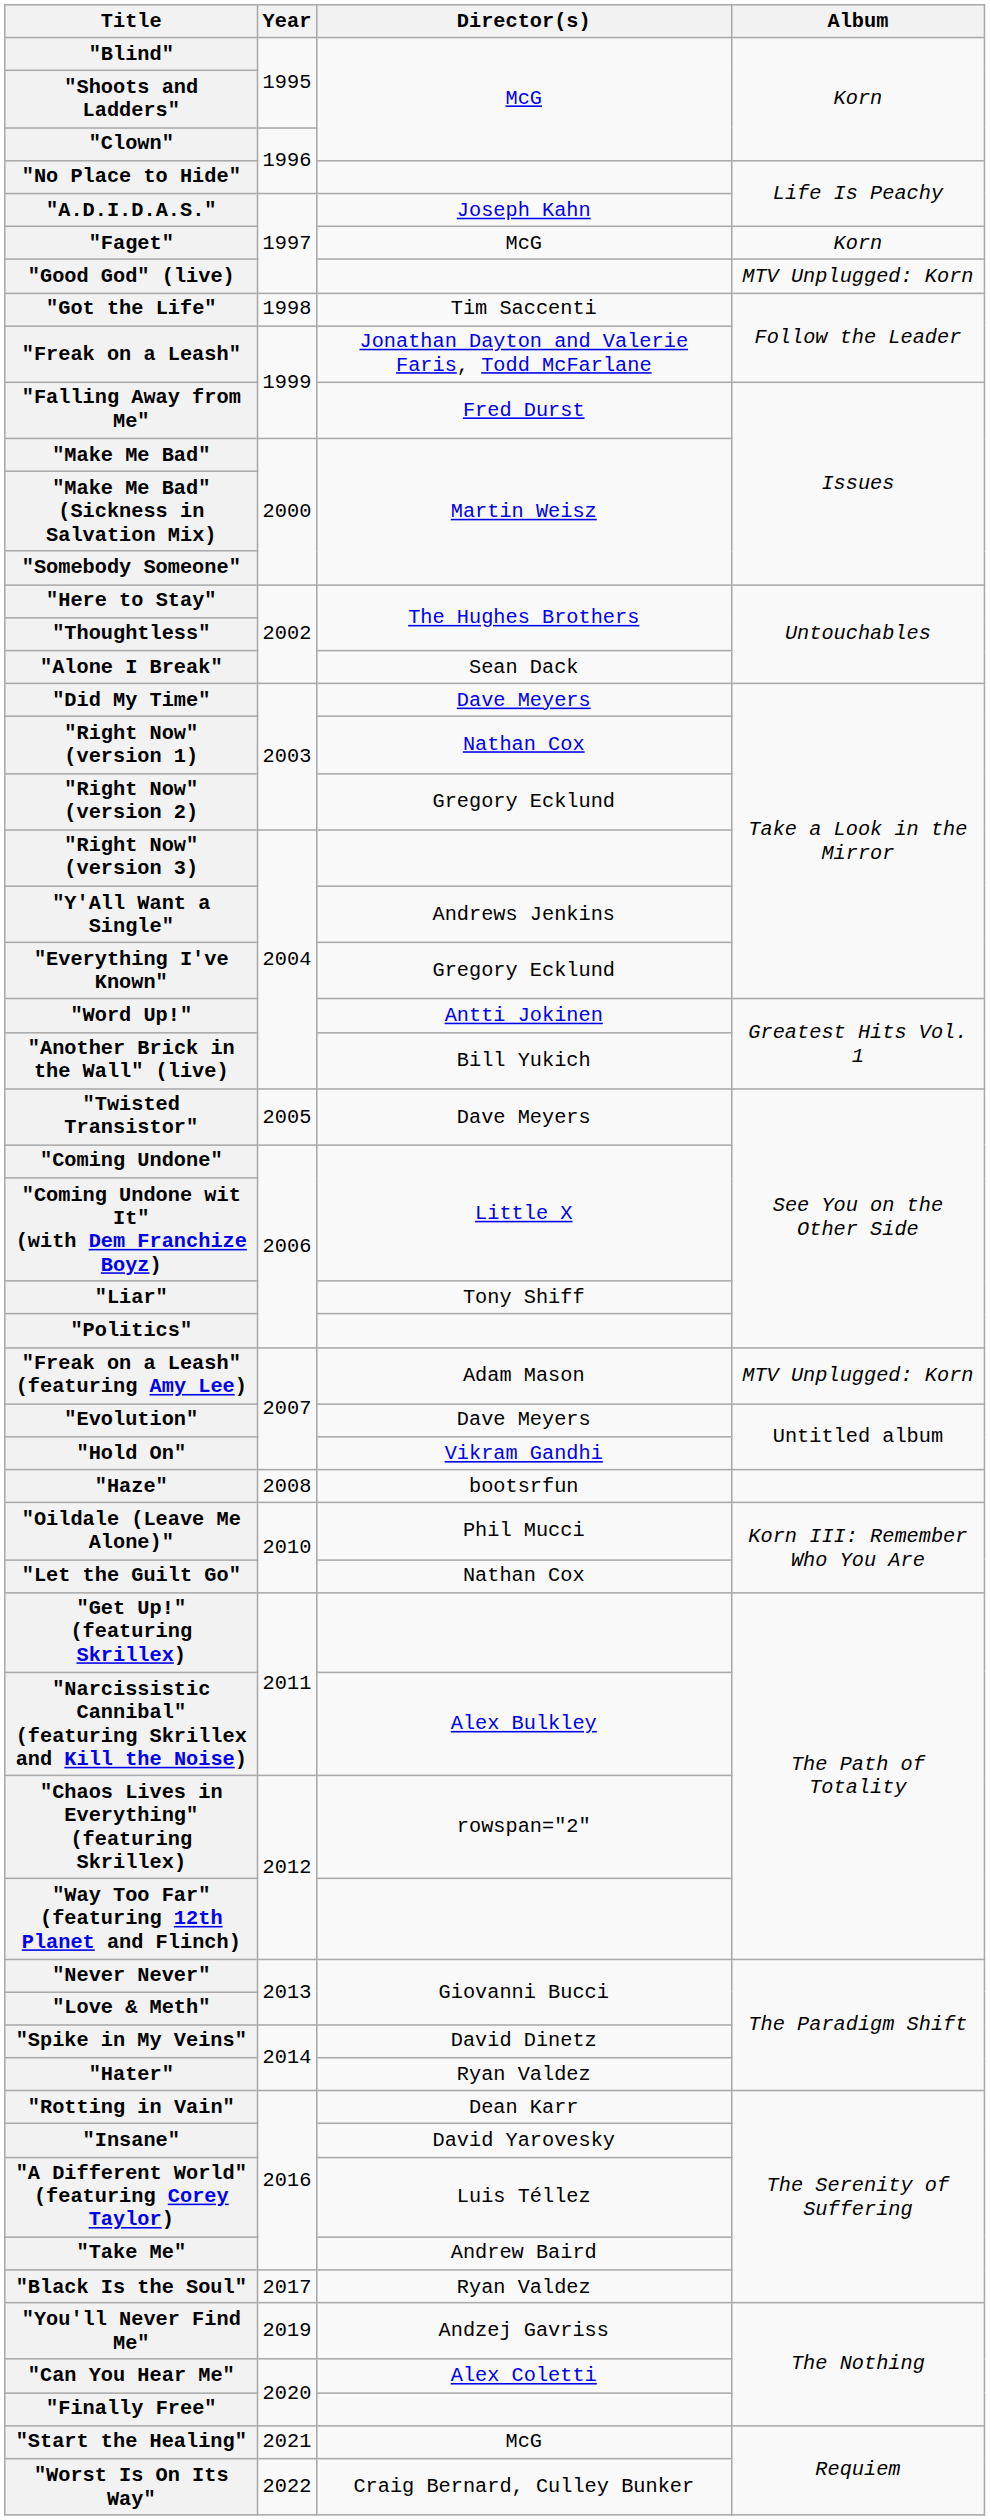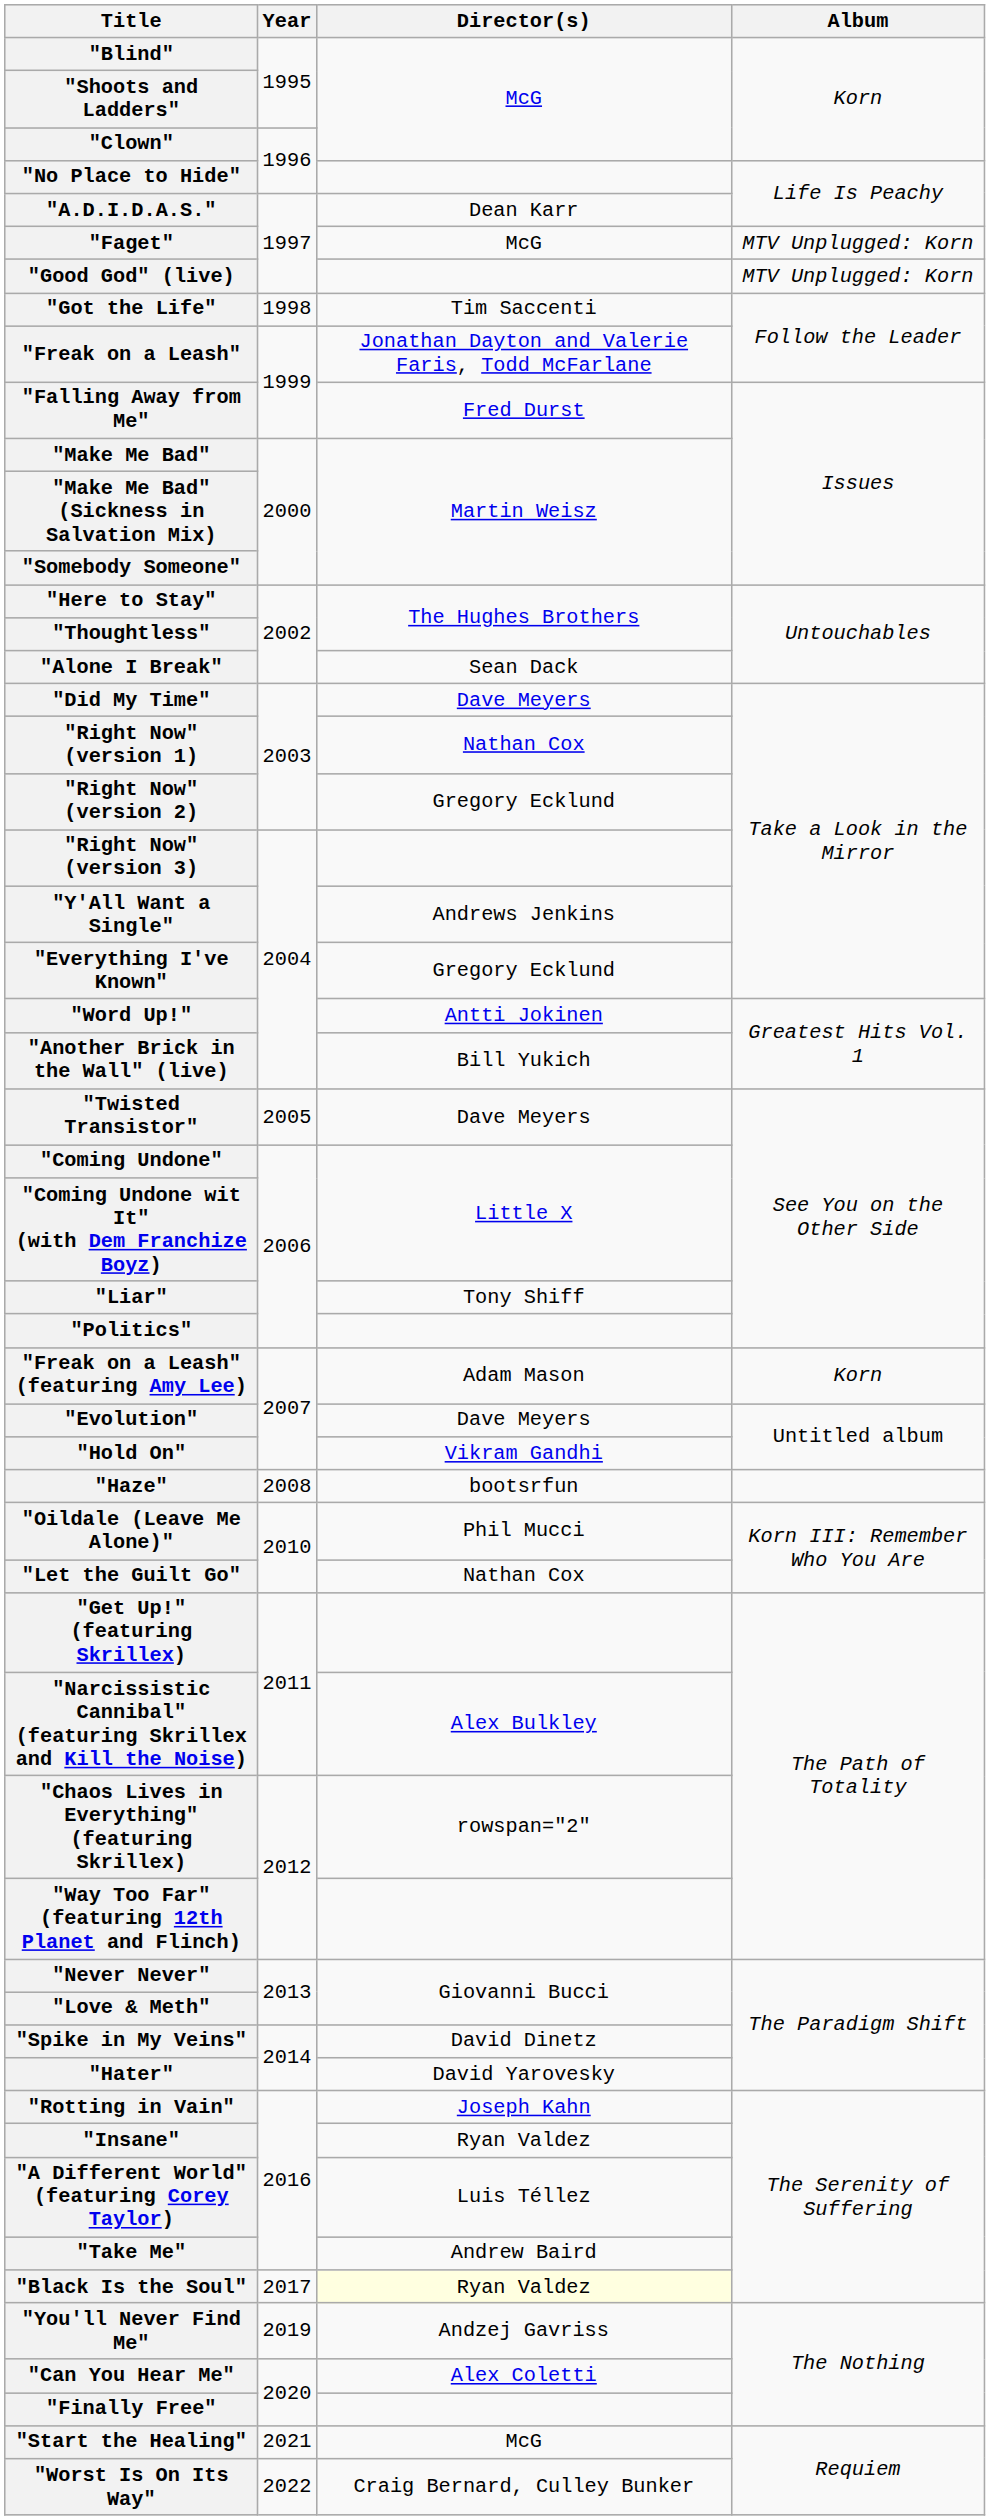 <table class="wikitable plainrowheaders" style="text-align:center;">
 <tr>
 <th scope="col" style="width:12em;">Title</th>
 <th scope="col" style="width:1em;">Year</th>
 <th scope="col" style="width:20em;">Director(s)</th>
 <th scope="col" style="width:12em;">Album</th>
 </tr>
 <tr>
 <th scope="row">"Blind"</th>
 <td rowspan="2">1995</td>
 <td rowspan="3"><a href='#'>McG</a></td>
 <td rowspan="3"><em>Korn</em></td>
 </tr>
 <tr>
 <th scope="row">"Shoots and Ladders"</th>
 </tr>
 <tr>
 <th scope="row">"Clown"</th>
 <td rowspan="2">1996</td>
 </tr>
 <tr>
 <th scope="row">"No Place to Hide"</th>
 <td></td>
 <td rowspan="2"><em>Life Is Peachy</em></td>
 </tr>
 <tr>
 <th scope="row">"A.D.I.D.A.S."</th>
 <td rowspan="3">1997</td>
-<td><a href='#'>Joseph Kahn</a></td>
+<td>Dean Karr</td>
 </tr>
 <tr>
 <th scope="row">"Faget"</th>
 <td>McG</td>
-<td><em>Korn</em></td>
+<td><em>MTV Unplugged: Korn</em></td>
 </tr>
 <tr>
 <th scope="row">"Good God" (live)</th>
 <td></td>
 <td><em>MTV Unplugged: Korn</em></td>
 </tr>
 <tr>
 <th scope="row">"Got the Life"</th>
 <td>1998</td>
 <td>Tim Saccenti</td>
 <td rowspan="2"><em>Follow the Leader</em></td>
 </tr>
 <tr>
 <th scope="row">"Freak on a Leash"</th>
 <td rowspan="2">1999</td>
 <td><a href='#'>Jonathan Dayton and Valerie Faris</a>, <a href='#'>Todd McFarlane</a></td>
 </tr>
 <tr>
 <th scope="row">"Falling Away from Me"</th>
 <td><a href='#'>Fred Durst</a></td>
 <td rowspan="4"><em>Issues</em></td>
 </tr>
 <tr>
 <th scope="row">"Make Me Bad"</th>
 <td rowspan="3">2000</td>
 <td rowspan="3"><a href='#'>Martin Weisz</a></td>
 </tr>
 <tr>
 <th scope="row">"Make Me Bad" (Sickness in Salvation Mix)</th>
 </tr>
 <tr>
 <th scope="row">"Somebody Someone"</th>
 </tr>
 <tr>
 <th scope="row">"Here to Stay"</th>
 <td rowspan="3">2002</td>
 <td rowspan="2"><a href='#'>The Hughes Brothers</a></td>
 <td rowspan="3"><em>Untouchables</em></td>
 </tr>
 <tr>
 <th scope="row">"Thoughtless"</th>
 </tr>
 <tr>
 <th scope="row">"Alone I Break"</th>
 <td>Sean Dack</td>
 </tr>
 <tr>
 <th scope="row">"Did My Time"</th>
 <td rowspan="3">2003</td>
 <td><a href='#'>Dave Meyers</a></td>
 <td rowspan="6"><em>Take a Look in the Mirror</em></td>
 </tr>
 <tr>
 <th scope="row">"Right Now" (version 1)</th>
 <td><a href='#'>Nathan Cox</a></td>
 </tr>
 <tr>
 <th scope="row">"Right Now" (version 2)</th>
 <td>Gregory Ecklund</td>
 </tr>
 <tr>
 <th scope="row">"Right Now" (version 3)</th>
 <td rowspan="5">2004</td>
 <td></td>
 </tr>
 <tr>
 <th scope="row">"Y'All Want a Single"</th>
 <td>Andrews Jenkins</td>
 </tr>
 <tr>
 <th scope="row">"Everything I've Known"</th>
 <td>Gregory Ecklund</td>
 </tr>
 <tr>
 <th scope="row">"Word Up!"</th>
 <td><a href='#'>Antti Jokinen</a></td>
 <td rowspan="2"><em>Greatest Hits Vol. 1</em></td>
 </tr>
 <tr>
 <th scope="row">"Another Brick in the Wall" (live)</th>
 <td>Bill Yukich</td>
 </tr>
 <tr>
 <th scope="row">"Twisted Transistor"</th>
 <td>2005</td>
 <td>Dave Meyers</td>
 <td rowspan="5"><em>See You on the Other Side</em></td>
 </tr>
 <tr>
 <th scope="row">"Coming Undone"</th>
 <td rowspan="4">2006</td>
 <td rowspan="2"><a href='#'>Little X</a></td>
 </tr>
 <tr>
 <th scope="row">"Coming Undone wit It"<br><span>(with <a href='#'>Dem Franchize Boyz</a>)</span></th>
 </tr>
 <tr>
 <th scope="row">"Liar"</th>
 <td>Tony Shiff</td>
 </tr>
 <tr>
 <th scope="row">"Politics"</th>
 <td></td>
 </tr>
 <tr>
 <th scope="row">"Freak on a Leash"<br><span>(featuring <a href='#'>Amy Lee</a>)</span></th>
 <td rowspan="3">2007</td>
 <td>Adam Mason</td>
-<td><em>MTV Unplugged: Korn</em></td>
+<td><em>Korn</em></td>
 </tr>
 <tr>
 <th scope="row">"Evolution"</th>
 <td>Dave Meyers</td>
 <td rowspan="2">Untitled album</td>
 </tr>
 <tr>
 <th scope="row">"Hold On"</th>
 <td><a href='#'>Vikram Gandhi</a></td>
 </tr>
 <tr>
 <th scope="row">"Haze"</th>
 <td>2008</td>
 <td>bootsrfun</td>
 <td></td>
 </tr>
 <tr>
 <th scope="row">"Oildale (Leave Me Alone)"</th>
 <td rowspan="2">2010</td>
 <td>Phil Mucci</td>
 <td rowspan="2"><em>Korn III: Remember Who You Are</em></td>
 </tr>
 <tr>
 <th scope="row">"Let the Guilt Go"</th>
 <td>Nathan Cox</td>
 </tr>
 <tr>
 <th scope="row">"Get Up!"<br><span>(featuring <a href='#'>Skrillex</a>)</span></th>
 <td rowspan="2">2011</td>
 <td></td>
 <td rowspan="4"><em>The Path of Totality</em></td>
 </tr>
 <tr>
 <th scope="row">"Narcissistic Cannibal"<br><span>(featuring Skrillex and <a href='#'>Kill the Noise</a>)</span></th>
 <td><a href='#'>Alex Bulkley</a></td>
 </tr>
 <tr>
 <th scope="row">"Chaos Lives in Everything"<br><span>(featuring Skrillex)</span></th>
 <td rowspan="2">2012</td>
 <td>rowspan="2" </td>
 </tr>
 <tr>
 <th scope="row">"Way Too Far"<br><span>(featuring <a href='#'>12th Planet</a> and Flinch)</span></th>
 </tr>
 <tr>
 <th scope="row">"Never Never"</th>
 <td rowspan="2">2013</td>
 <td rowspan="2">Giovanni Bucci</td>
 <td rowspan="4"><em>The Paradigm Shift</em></td>
 </tr>
 <tr>
 <th scope="row">"Love & Meth"</th>
 </tr>
 <tr>
 <th scope="row">"Spike in My Veins"</th>
 <td rowspan="2">2014</td>
 <td>David Dinetz</td>
 </tr>
 <tr>
 <th scope="row">"Hater"</th>
-<td>Ryan Valdez</td>
+<td>David Yarovesky</td>
 </tr>
 <tr>
 <th scope="row">"Rotting in Vain"</th>
 <td rowspan="4">2016</td>
-<td>Dean Karr</td>
+<td><a href='#'>Joseph Kahn</a></td>
 <td rowspan="5"><em>The Serenity of Suffering</em></td>
 </tr>
 <tr>
 <th scope="row">"Insane"</th>
-<td>David Yarovesky</td>
+<td>Ryan Valdez</td>
 </tr>
 <tr>
 <th scope="row">"A Different World"<br><span>(featuring <a href='#'>Corey Taylor</a>)</span></th>
 <td>Luis Téllez</td>
 </tr>
 <tr>
 <th scope="row">"Take Me"</th>
 <td>Andrew Baird</td>
 </tr>
 <tr>
 <th scope="row">"Black Is the Soul"</th>
 <td>2017</td>
-<td>Ryan Valdez</td>
+<td style="background: lightyellow;">Ryan Valdez</td>
 </tr>
 <tr>
 <th scope="row">"You'll Never Find Me"</th>
 <td>2019</td>
 <td>Andzej Gavriss</td>
 <td rowspan="3"><em>The Nothing</em></td>
 </tr>
 <tr>
 <th scope="row">"Can You Hear Me"</th>
 <td rowspan="2">2020</td>
 <td><a href='#'>Alex Coletti</a></td>
 </tr>
 <tr>
 <th scope="row">"Finally Free"</th>
 <td></td>
 </tr>
 <tr>
 <th scope="row">"Start the Healing"</th>
 <td>2021</td>
 <td>McG</td>
 <td rowspan="2"><em>Requiem</em></td>
 </tr>
 <tr>
 <th scope="row">"Worst Is On Its Way"</th>
 <td>2022</td>
 <td>Craig Bernard, Culley Bunker</td>
 </tr>
 </table>
